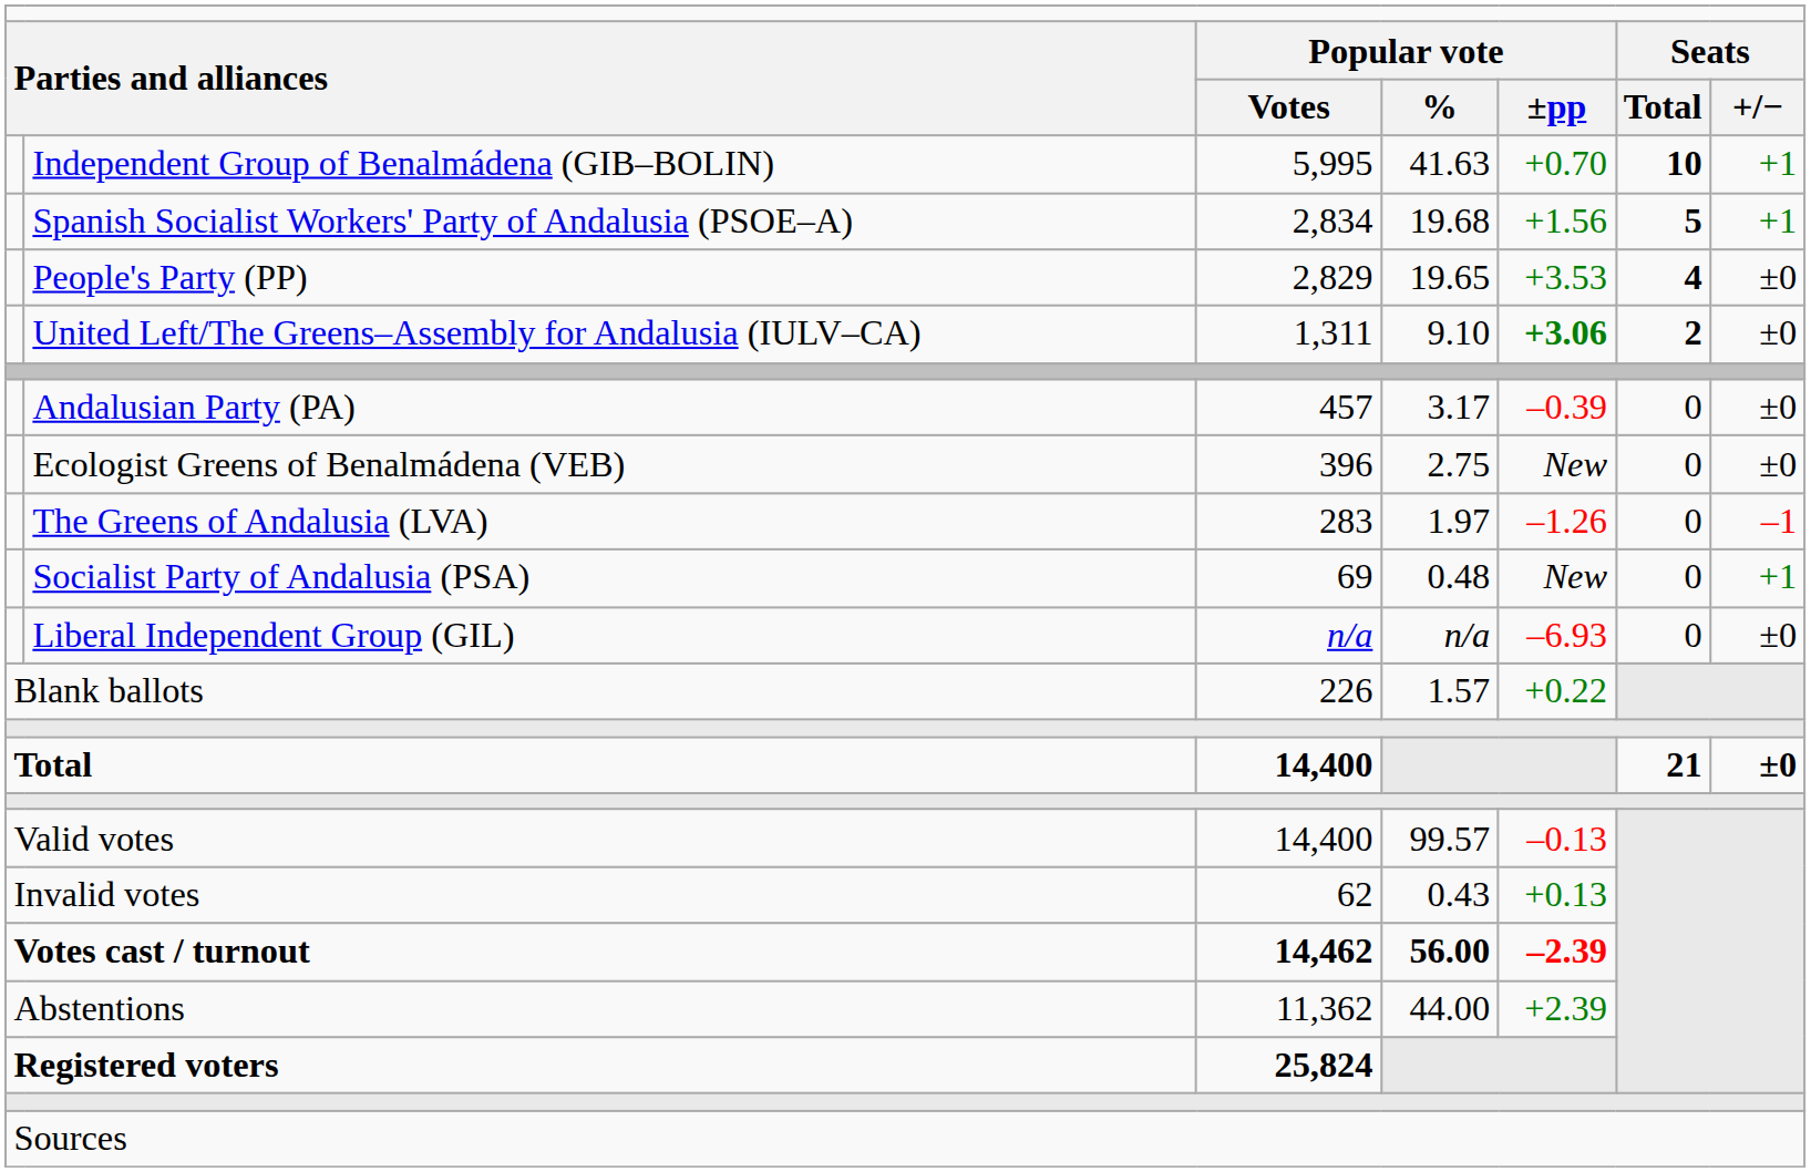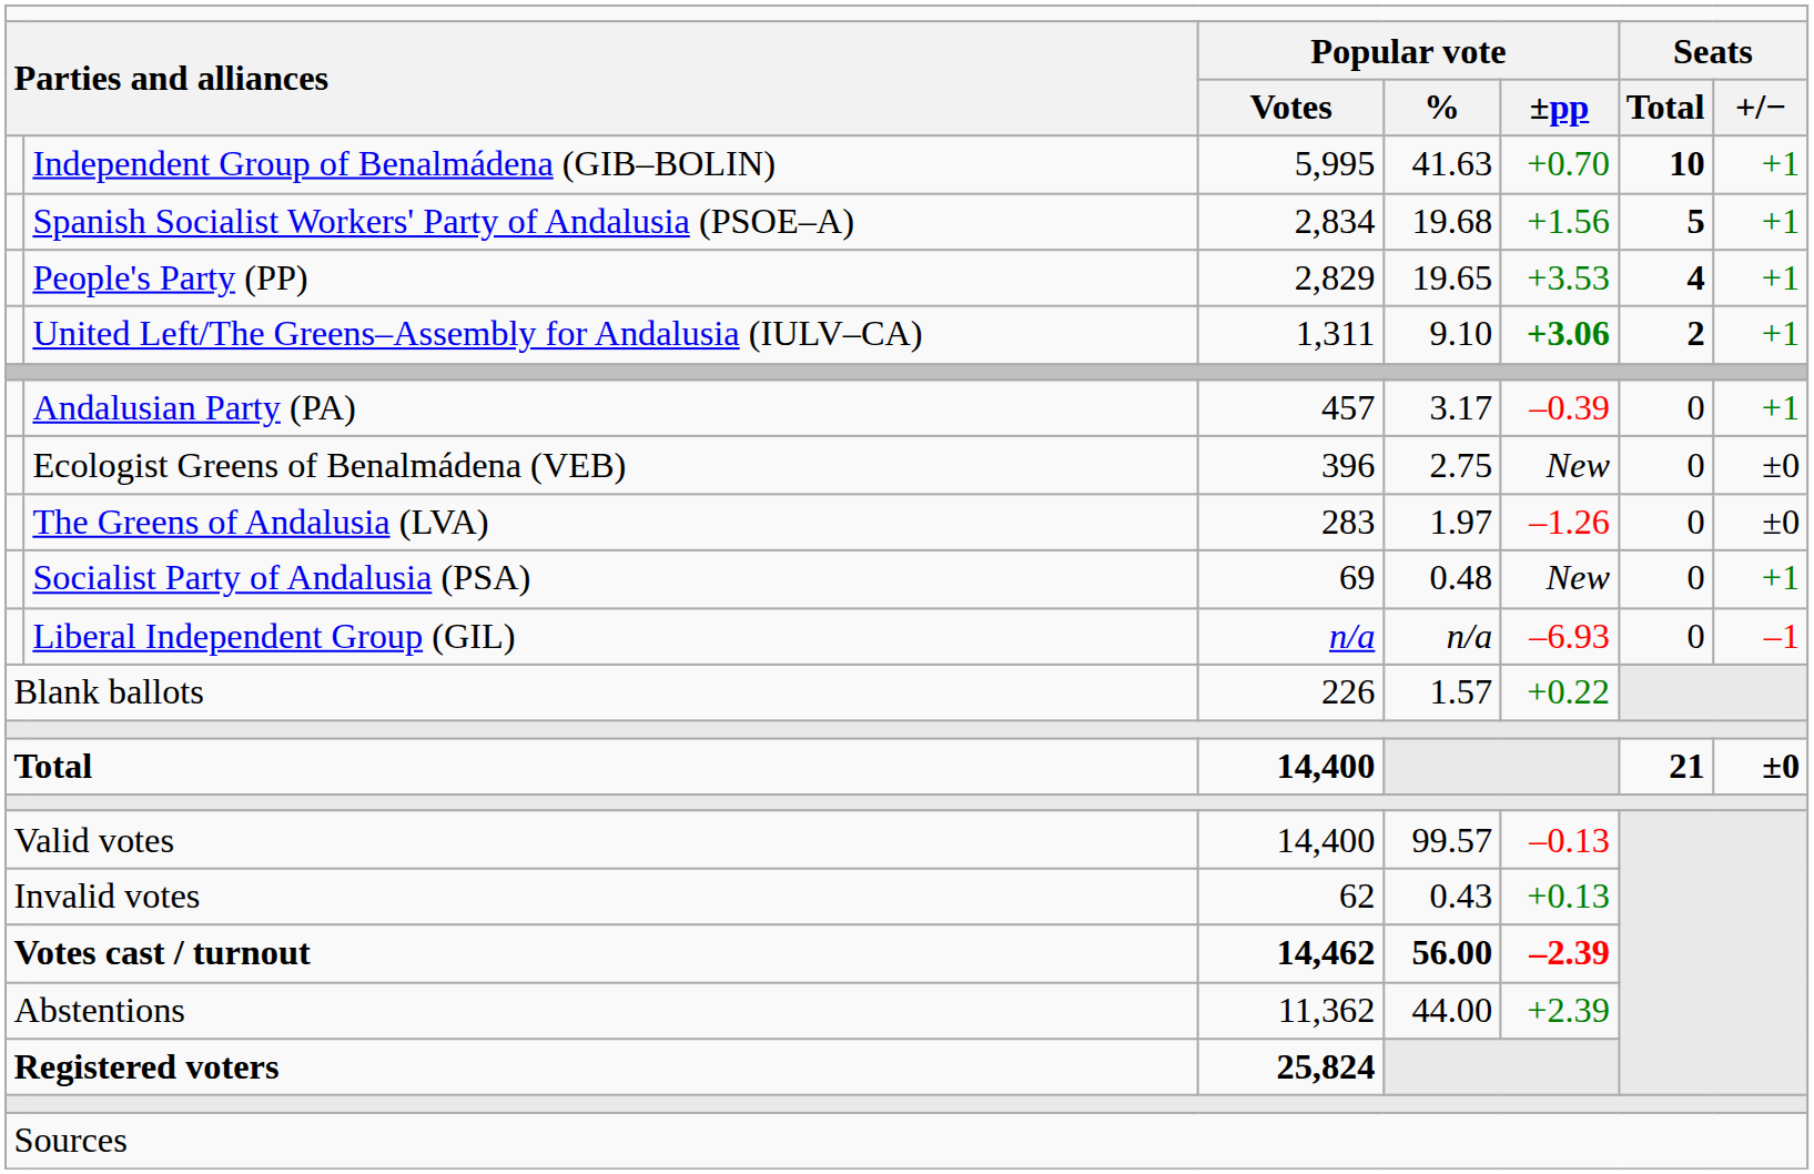 <table class="wikitable" style="text-align:right;">
 <tr>
 <td colspan="7"></td>
 </tr>
 <tr>
 <th style="text-align:left;" rowspan="2" colspan="2" width="525">Parties and alliances</th>
 <th colspan="3">Popular vote</th>
 <th colspan="2">Seats</th>
 </tr>
 <tr>
 <th width="75">Votes</th>
 <th width="45">%</th>
 <th width="45">±<a href='#'>pp</a></th>
 <th width="35">Total</th>
 <th width="35">+/−</th>
 </tr>
 <tr>
 <td width="1" style="color:inherit;background:"></td>
 <td align="left"><a href='#'>Independent Group of Benalmádena</a> (GIB–BOLIN)</td>
 <td>5,995</td>
 <td>41.63</td>
 <td style="color:green;">+0.70</td>
 <td><strong>10</strong></td>
 <td style="color:green;">+1</td>
 </tr>
 <tr>
 <td style="color:inherit;background:"></td>
 <td align="left"><a href='#'>Spanish Socialist Workers' Party of Andalusia</a> (PSOE–A)</td>
 <td>2,834</td>
 <td>19.68</td>
 <td style="color:green;">+1.56</td>
 <td><strong>5</strong></td>
 <td style="color:green;">+1</td>
 </tr>
 <tr>
 <td style="color:inherit;background:"></td>
 <td align="left"><a href='#'>People's Party</a> (PP)</td>
 <td>2,829</td>
 <td>19.65</td>
 <td style="color:green;">+3.53</td>
 <td><strong>4</strong></td>
-<td>±0</td>
+<td style="color:green;">+1</td>
 </tr>
 <tr>
 <td style="color:inherit;background:"></td>
 <td align="left"><a href='#'>United Left/The Greens–Assembly for Andalusia</a> (IULV–CA)</td>
 <td>1,311</td>
 <td>9.10</td>
 <td style="color:green;"><strong>+3.06</strong></td>
 <td><strong>2</strong></td>
-<td>±0</td>
+<td style="color:green;">+1</td>
 </tr>
 <tr>
 <td colspan="7" bgcolor="#C0C0C0"></td>
 </tr>
 <tr>
 <td style="color:inherit;background:"></td>
 <td align="left"><a href='#'>Andalusian Party</a> (PA)</td>
 <td>457</td>
 <td>3.17</td>
 <td style="color:red;">–0.39</td>
 <td>0</td>
-<td>±0</td>
+<td style="color:green;">+1</td>
 </tr>
 <tr>
 <td style="color:inherit;background:"></td>
 <td align="left">Ecologist Greens of Benalmádena (VEB)</td>
 <td>396</td>
 <td>2.75</td>
 <td><em>New</em></td>
 <td>0</td>
 <td>±0</td>
 </tr>
 <tr>
 <td style="color:inherit;background:"></td>
 <td align="left"><a href='#'>The Greens of Andalusia</a> (LVA)</td>
 <td>283</td>
 <td>1.97</td>
 <td style="color:red;">–1.26</td>
 <td>0</td>
-<td style="color:red;">–1</td>
+<td>±0</td>
 </tr>
 <tr>
 <td style="color:inherit;background:"></td>
 <td align="left"><a href='#'>Socialist Party of Andalusia</a> (PSA)</td>
 <td>69</td>
 <td>0.48</td>
 <td><em>New</em></td>
 <td>0</td>
 <td style="color:green;">+1</td>
 </tr>
 <tr>
 <td style="color:inherit;background:"></td>
 <td align="left"><a href='#'>Liberal Independent Group</a> (GIL)</td>
 <td><em><a href='#'>n/a</a></em></td>
 <td><em>n/a</em></td>
 <td style="color:red;">–6.93</td>
 <td>0</td>
-<td>±0</td>
+<td style="color:red;">–1</td>
 </tr>
 <tr>
 <td align="left" colspan="2">Blank ballots</td>
 <td>226</td>
 <td>1.57</td>
 <td style="color:green;">+0.22</td>
 <td bgcolor="#E9E9E9" colspan="2"></td>
 </tr>
 <tr>
 <td colspan="7" bgcolor="#E9E9E9"></td>
 </tr>
 <tr style="font-weight:bold;">
 <td align="left" colspan="2">Total</td>
 <td>14,400</td>
 <td bgcolor="#E9E9E9" colspan="2"></td>
 <td>21</td>
 <td>±0</td>
 </tr>
 <tr>
 <td colspan="7" bgcolor="#E9E9E9"></td>
 </tr>
 <tr>
 <td align="left" colspan="2">Valid votes</td>
 <td>14,400</td>
 <td>99.57</td>
 <td style="color:red;">–0.13</td>
 <td bgcolor="#E9E9E9" colspan="2" rowspan="5"></td>
 </tr>
 <tr>
 <td align="left" colspan="2">Invalid votes</td>
 <td>62</td>
 <td>0.43</td>
 <td style="color:green;">+0.13</td>
 </tr>
 <tr style="font-weight:bold;">
 <td align="left" colspan="2">Votes cast / turnout</td>
 <td>14,462</td>
 <td>56.00</td>
 <td style="color:red;">–2.39</td>
 </tr>
 <tr>
 <td align="left" colspan="2">Abstentions</td>
 <td>11,362</td>
 <td>44.00</td>
 <td style="color:green;">+2.39</td>
 </tr>
 <tr style="font-weight:bold;">
 <td align="left" colspan="2">Registered voters</td>
 <td>25,824</td>
 <td bgcolor="#E9E9E9" colspan="2"></td>
 </tr>
 <tr>
 <td colspan="7" bgcolor="#E9E9E9"></td>
 </tr>
 <tr>
 <td align="left" colspan="7">Sources</td>
 </tr>
 </table>
